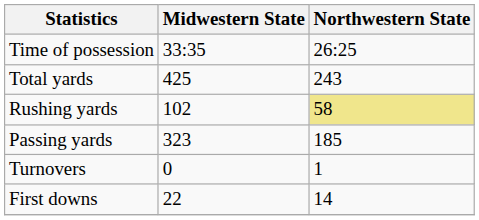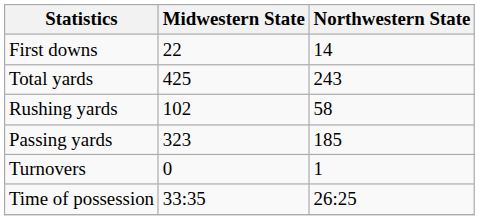 <table class="wikitable">
 <tr>
 <th>Statistics</th>
 <th>Midwestern State</th>
 <th>Northwestern State</th>
 </tr>
 <tr>
-<td>Time of possession</td>
-<td>33:35</td>
-<td>26:25</td>
+<td>First downs</td>
+<td>22</td>
+<td>14</td>
 </tr>
 <tr>
 <td>Total yards</td>
 <td>425</td>
 <td>243</td>
 </tr>
 <tr>
 <td>Rushing yards</td>
 <td>102</td>
-<td style="background: khaki;">58</td>
+<td>58</td>
 </tr>
 <tr>
 <td>Passing yards</td>
 <td>323</td>
 <td>185</td>
 </tr>
 <tr>
 <td>Turnovers</td>
 <td>0</td>
 <td>1</td>
 </tr>
 <tr>
-<td>First downs</td>
-<td>22</td>
-<td>14</td>
+<td>Time of possession</td>
+<td>33:35</td>
+<td>26:25</td>
 </tr>
 <tr>
 </tr>
 </table>
